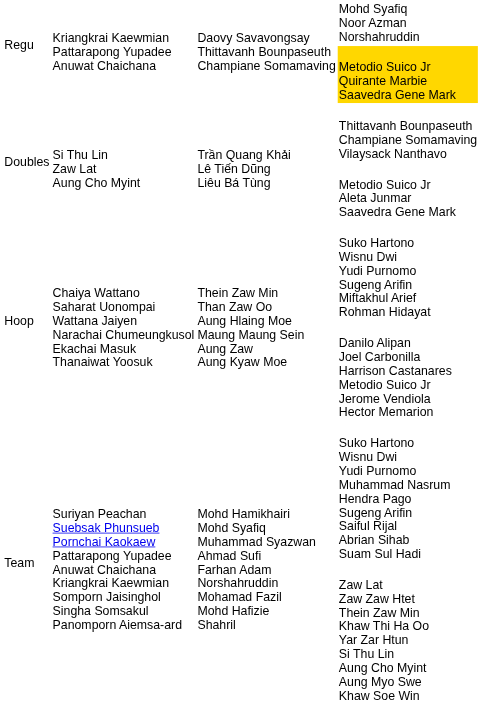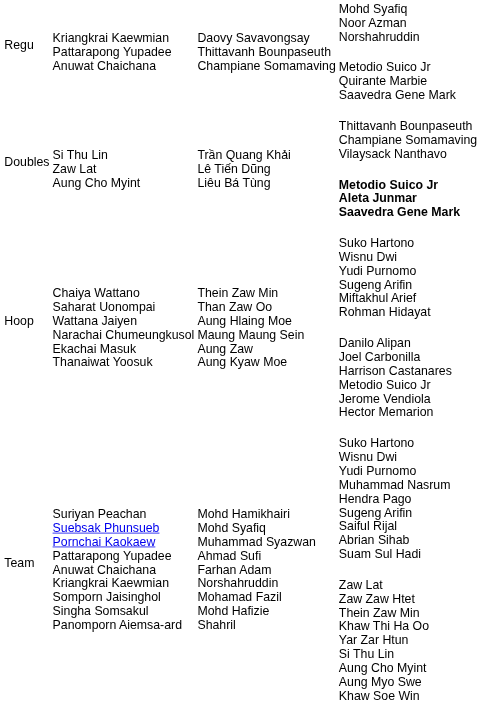 <table>
 <tr>
 <td rowspan=2>Regu</td>
 <td rowspan=2><br>Kriangkrai Kaewmian<br>Pattarapong Yupadee<br>Anuwat Chaichana</td>
 <td rowspan=2 nowrap=true><br>Daovy Savavongsay<br>Thittavanh Bounpaseuth<br>Champiane Somamaving</td>
 <td><br>Mohd Syafiq<br>Noor Azman<br>Norshahruddin</td>
 </tr>
 <tr>
-<td style="background: gold;"><br>Metodio Suico Jr<br>Quirante Marbie<br>Saavedra Gene Mark</td>
+<td><br>Metodio Suico Jr<br>Quirante Marbie<br>Saavedra Gene Mark</td>
 </tr>
 <tr>
 <td rowspan=2>Doubles</td>
 <td rowspan=2><br>Si Thu Lin<br>Zaw Lat<br>Aung Cho Myint</td>
 <td rowspan=2><br>Trần Quang Khải<br>Lê Tiến Dũng<br>Liêu Bá Tùng</td>
 <td nowrap=true><br>Thittavanh Bounpaseuth<br>Champiane Somamaving<br>Vilaysack Nanthavo</td>
 </tr>
 <tr>
-<td><br>Metodio Suico Jr<br>Aleta Junmar<br>Saavedra Gene Mark</td>
+<td><strong><br>Metodio Suico Jr<br>Aleta Junmar<br>Saavedra Gene Mark</strong></td>
 </tr>
 <tr>
 <td rowspan=2>Hoop</td>
 <td rowspan=2 nowrap=true><br>Chaiya Wattano<br>Saharat Uonompai<br>Wattana Jaiyen<br>Narachai Chumeungkusol<br>Ekachai Masuk<br>Thanaiwat Yoosuk</td>
 <td rowspan=2><br>Thein Zaw Min<br>Than Zaw Oo<br>Aung Hlaing Moe<br>Maung Maung Sein<br>Aung Zaw<br>Aung Kyaw Moe</td>
 <td><br>Suko Hartono<br>Wisnu Dwi<br>Yudi Purnomo<br>Sugeng Arifin<br>Miftakhul Arief<br>Rohman Hidayat</td>
 </tr>
 <tr>
 <td><br>Danilo Alipan<br>Joel Carbonilla<br>Harrison Castanares<br>Metodio Suico Jr<br>Jerome Vendiola<br>Hector Memarion</td>
 </tr>
 <tr>
 <td rowspan=2>Team</td>
 <td rowspan=2><br>Suriyan Peachan<br><a href='#'>Suebsak Phunsueb</a><br><a href='#'>Pornchai Kaokaew</a><br>Pattarapong Yupadee<br>Anuwat Chaichana<br>Kriangkrai Kaewmian<br>Somporn Jaisinghol<br>Singha Somsakul<br>Panomporn Aiemsa-ard</td>
 <td rowspan=2><br>Mohd Hamikhairi<br>Mohd Syafiq<br>Muhammad Syazwan<br>Ahmad Sufi<br>Farhan Adam<br>Norshahruddin<br>Mohamad Fazil<br>Mohd Hafizie<br>Shahril</td>
 <td><br>Suko Hartono<br>Wisnu Dwi<br>Yudi Purnomo<br>Muhammad Nasrum<br>Hendra Pago<br>Sugeng Arifin<br>Saiful Rijal<br>Abrian Sihab<br>Suam Sul Hadi</td>
 </tr>
 <tr>
 <td><br>Zaw Lat<br>Zaw Zaw Htet<br>Thein Zaw Min<br>Khaw Thi Ha Oo<br>Yar Zar Htun<br>Si Thu Lin<br>Aung Cho Myint<br>Aung Myo Swe<br>Khaw Soe Win</td>
 </tr>
 </table>
